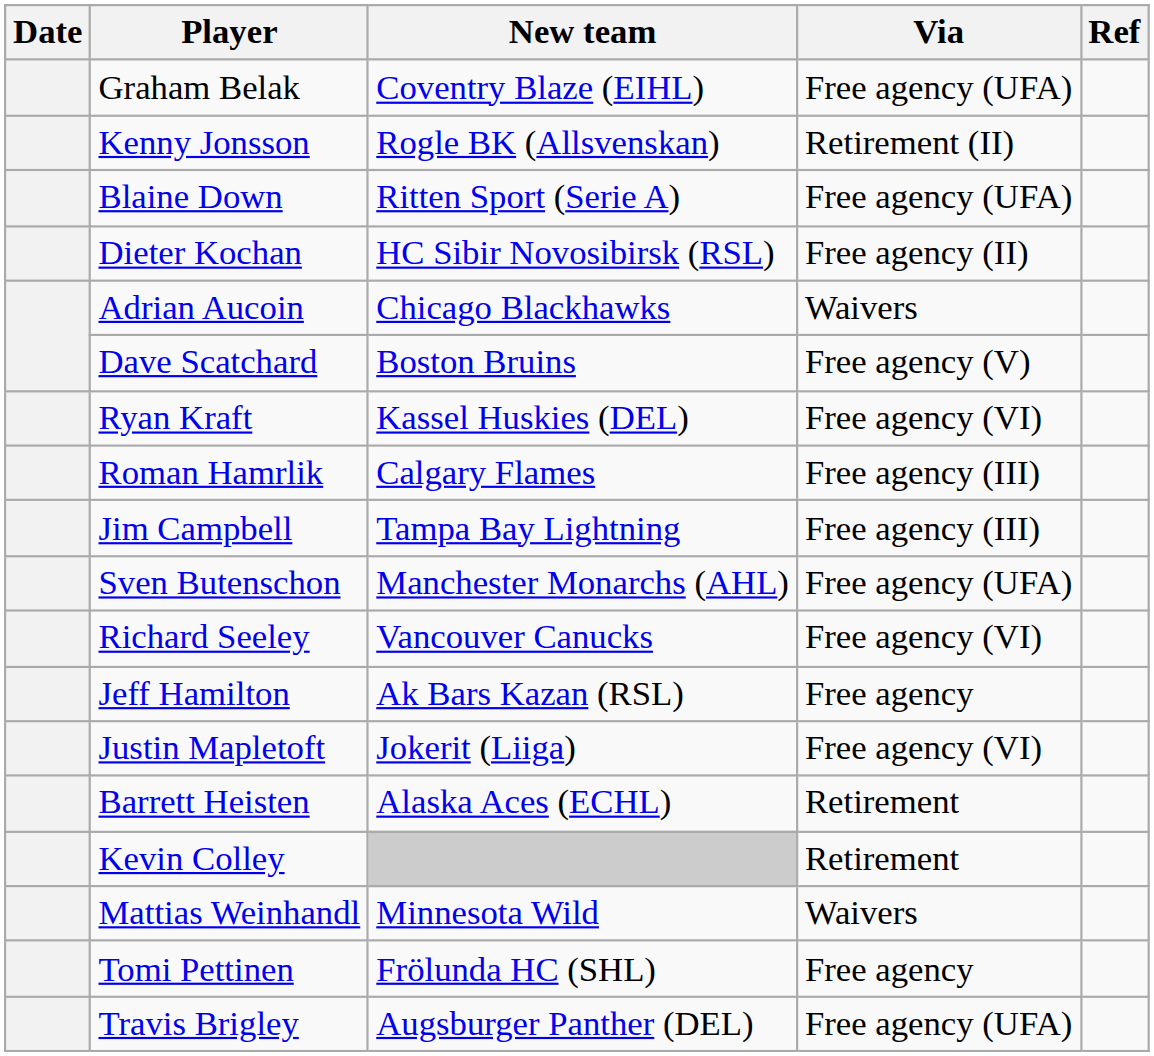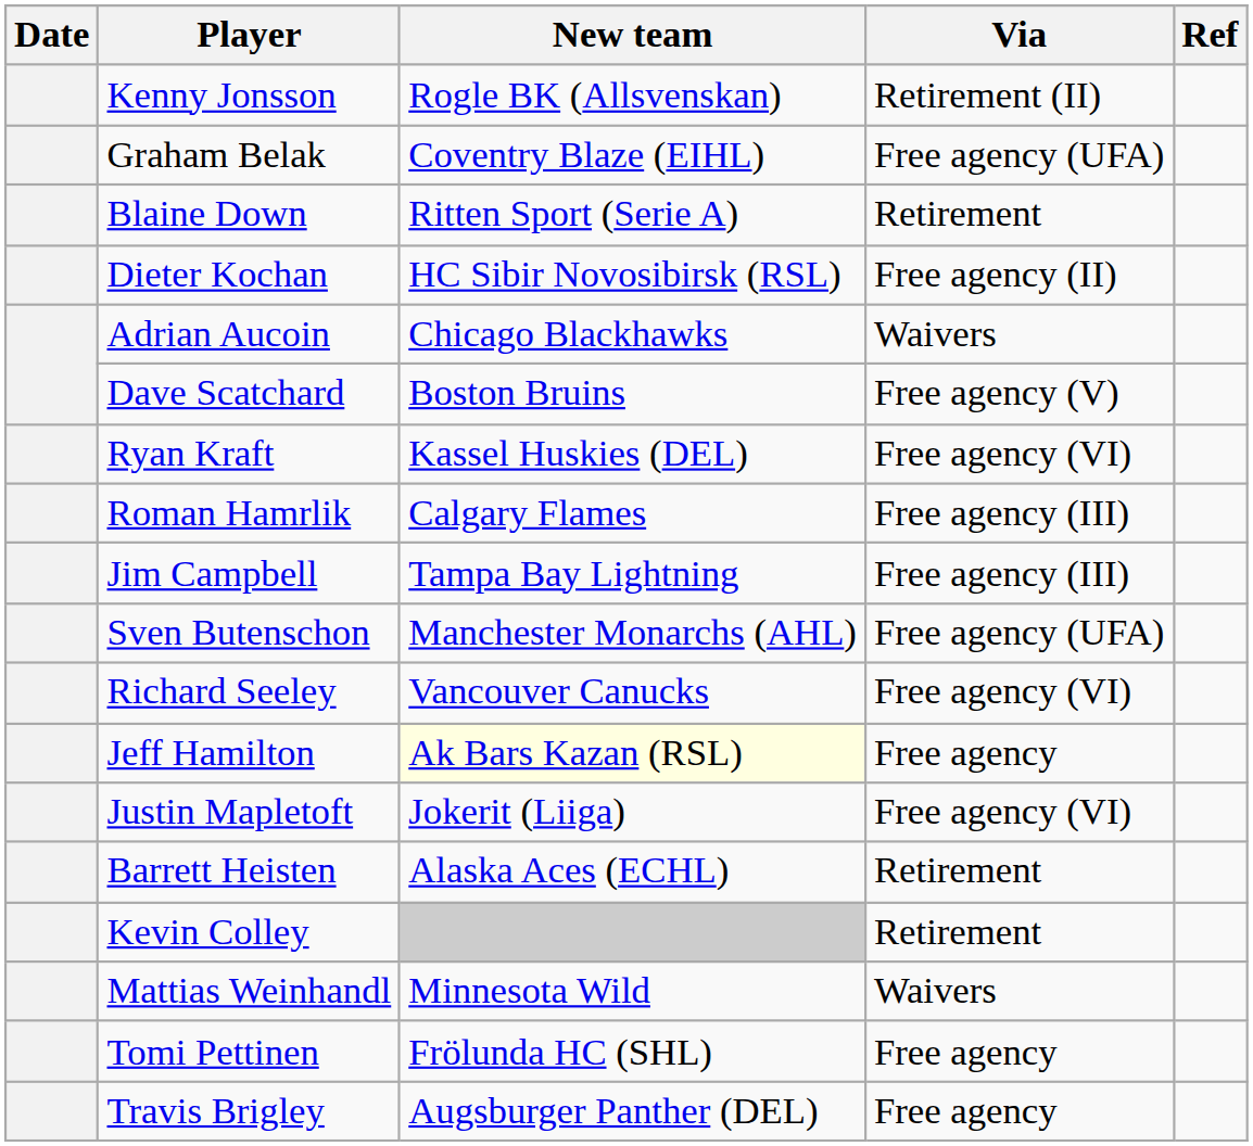 <table class="wikitable plainrowheaders">
 <tr style="background:#ddd; text-align:center;">
 <th>Date</th>
 <th>Player</th>
 <th>New team</th>
 <th>Via</th>
 <th>Ref</th>
 </tr>
 <tr>
 <th scope="row"></th>
+<td><a href='#'>Kenny Jonsson</a></td>
+<td><a href='#'>Rogle BK</a> (<a href='#'>Allsvenskan</a>)</td>
+<td>Retirement (II)</td>
+<td></td>
+</tr>
+<tr>
+<th scope="row"></th>
 <td>Graham Belak</td>
 <td><a href='#'>Coventry Blaze</a> (<a href='#'>EIHL</a>)</td>
 <td>Free agency (UFA)</td>
 <td></td>
 </tr>
 <tr>
 <th scope="row"></th>
-<td><a href='#'>Kenny Jonsson</a></td>
-<td><a href='#'>Rogle BK</a> (<a href='#'>Allsvenskan</a>)</td>
-<td>Retirement (II)</td>
-<td></td>
-</tr>
-<tr>
-<th scope="row"></th>
 <td><a href='#'>Blaine Down</a></td>
 <td><a href='#'>Ritten Sport</a> (<a href='#'>Serie A</a>)</td>
-<td>Free agency (UFA)</td>
+<td>Retirement</td>
 <td></td>
 </tr>
 <tr>
 <th scope="row"></th>
 <td><a href='#'>Dieter Kochan</a></td>
 <td><a href='#'>HC Sibir Novosibirsk</a> (<a href='#'>RSL</a>)</td>
 <td>Free agency (II)</td>
 <td></td>
 </tr>
 <tr>
 <th scope="row" rowspan=2></th>
 <td><a href='#'>Adrian Aucoin</a></td>
 <td><a href='#'>Chicago Blackhawks</a></td>
 <td>Waivers</td>
 <td></td>
 </tr>
 <tr>
 <td><a href='#'>Dave Scatchard</a></td>
 <td><a href='#'>Boston Bruins</a></td>
 <td>Free agency (V)</td>
 <td></td>
 </tr>
 <tr>
 <th scope="row"></th>
 <td><a href='#'>Ryan Kraft</a></td>
 <td><a href='#'>Kassel Huskies</a> (<a href='#'>DEL</a>)</td>
 <td>Free agency (VI)</td>
 <td></td>
 </tr>
 <tr>
 <th scope="row"></th>
 <td><a href='#'>Roman Hamrlik</a></td>
 <td><a href='#'>Calgary Flames</a></td>
 <td>Free agency (III)</td>
 <td></td>
 </tr>
 <tr>
 <th scope="row"></th>
 <td><a href='#'>Jim Campbell</a></td>
 <td><a href='#'>Tampa Bay Lightning</a></td>
 <td>Free agency (III)</td>
 <td></td>
 </tr>
 <tr>
 <th scope="row"></th>
 <td><a href='#'>Sven Butenschon</a></td>
 <td><a href='#'>Manchester Monarchs</a> (<a href='#'>AHL</a>)</td>
 <td>Free agency (UFA)</td>
 <td></td>
 </tr>
 <tr>
 <th scope="row"></th>
 <td><a href='#'>Richard Seeley</a></td>
 <td><a href='#'>Vancouver Canucks</a></td>
 <td>Free agency (VI)</td>
 <td></td>
 </tr>
 <tr>
 <th scope="row"></th>
 <td><a href='#'>Jeff Hamilton</a></td>
-<td><a href='#'>Ak Bars Kazan</a> (RSL)</td>
+<td style="background: lightyellow;"><a href='#'>Ak Bars Kazan</a> (RSL)</td>
 <td>Free agency</td>
 <td></td>
 </tr>
 <tr>
 <th scope="row"></th>
 <td><a href='#'>Justin Mapletoft</a></td>
 <td><a href='#'>Jokerit</a> (<a href='#'>Liiga</a>)</td>
 <td>Free agency (VI)</td>
 <td></td>
 </tr>
 <tr>
 <th scope="row"></th>
 <td><a href='#'>Barrett Heisten</a></td>
 <td><a href='#'>Alaska Aces</a> (<a href='#'>ECHL</a>)</td>
 <td>Retirement</td>
 <td></td>
 </tr>
 <tr>
 <th scope="row"></th>
 <td><a href='#'>Kevin Colley</a></td>
 <td style="background:#ccc"></td>
 <td>Retirement</td>
 <td></td>
 </tr>
 <tr>
 <th scope="row"></th>
 <td><a href='#'>Mattias Weinhandl</a></td>
 <td><a href='#'>Minnesota Wild</a></td>
 <td>Waivers</td>
 <td></td>
 </tr>
 <tr>
 <th scope="row"></th>
 <td><a href='#'>Tomi Pettinen</a></td>
 <td><a href='#'>Frölunda HC</a> (SHL)</td>
 <td>Free agency</td>
 <td></td>
 </tr>
 <tr>
 <th scope="row"></th>
 <td><a href='#'>Travis Brigley</a></td>
 <td><a href='#'>Augsburger Panther</a> (DEL)</td>
-<td>Free agency (UFA)</td>
+<td>Free agency</td>
 <td></td>
 </tr>
 </table>
